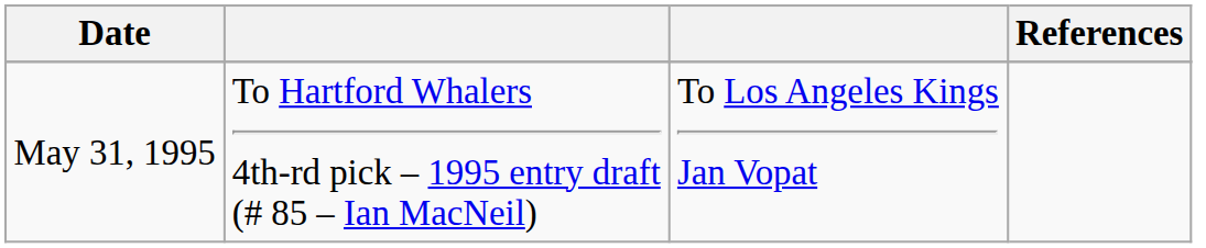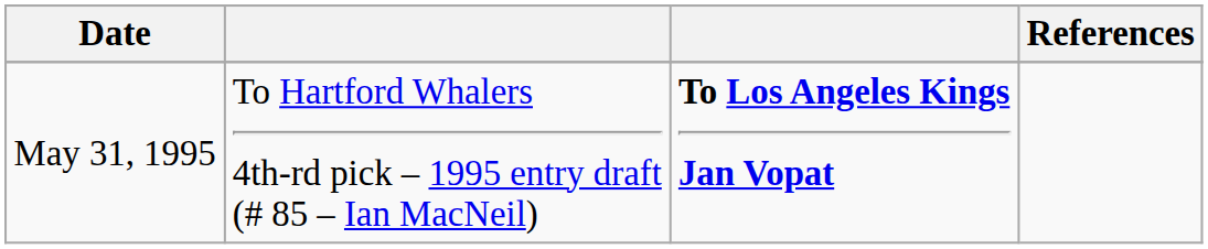 <table class="wikitable">
 <tr>
 <th>Date</th>
 <th></th>
 <th></th>
 <th>References</th>
 </tr>
 <tr bgcolor="#eeeeee">
 </tr>
 <tr>
 <td>May 31, 1995</td>
 <td valign="top">To <a href='#'>Hartford Whalers</a><hr>4th-rd pick – <a href='#'>1995 entry draft</a><br>(# 85 – <a href='#'>Ian MacNeil</a>)</td>
-<td valign="top">To <a href='#'>Los Angeles Kings</a><hr><a href='#'>Jan Vopat</a></td>
+<td valign="top"><strong>To <a href='#'>Los Angeles Kings</a><hr><a href='#'>Jan Vopat</a></strong></td>
 <td></td>
 </tr>
 </table>
